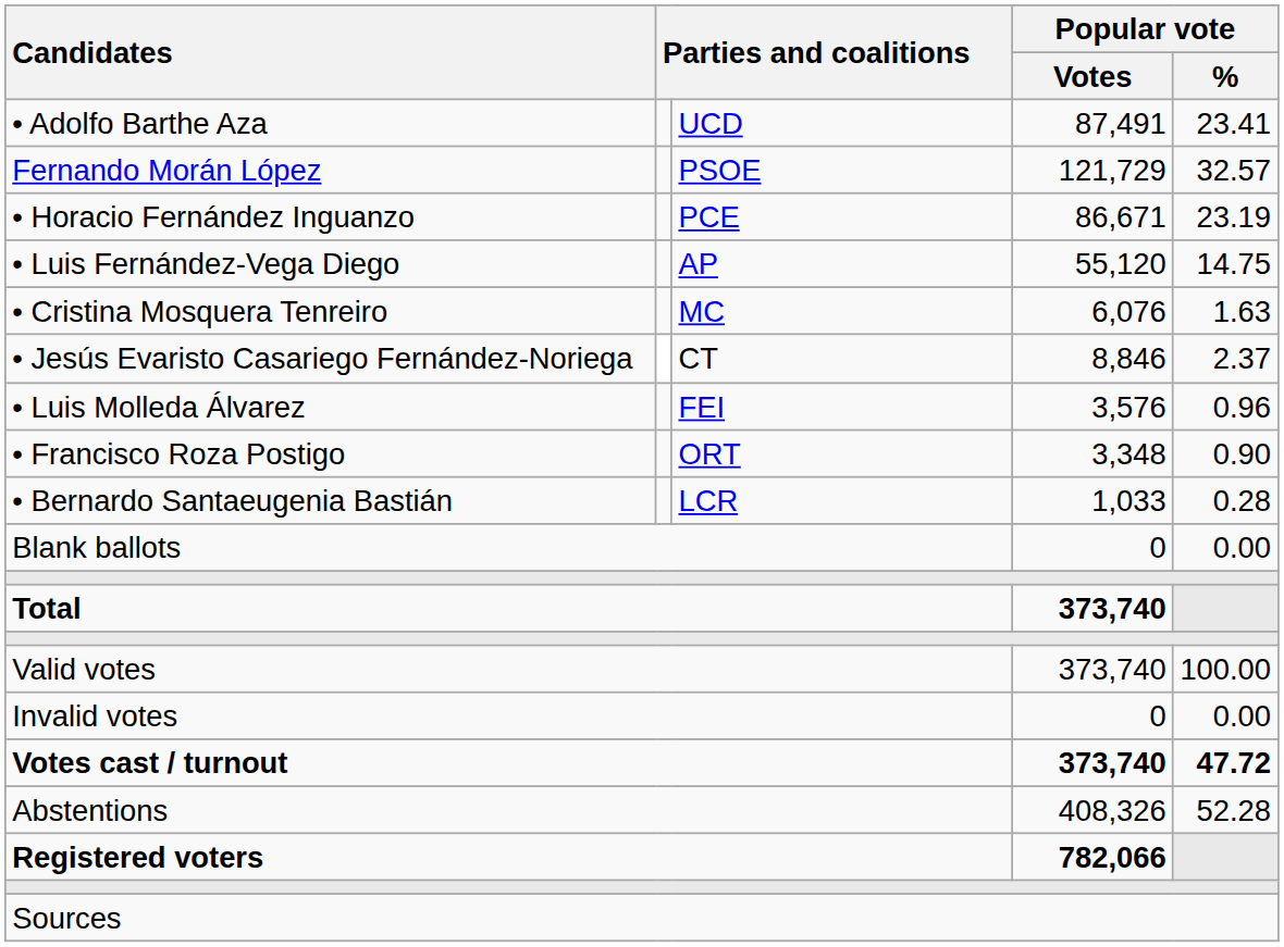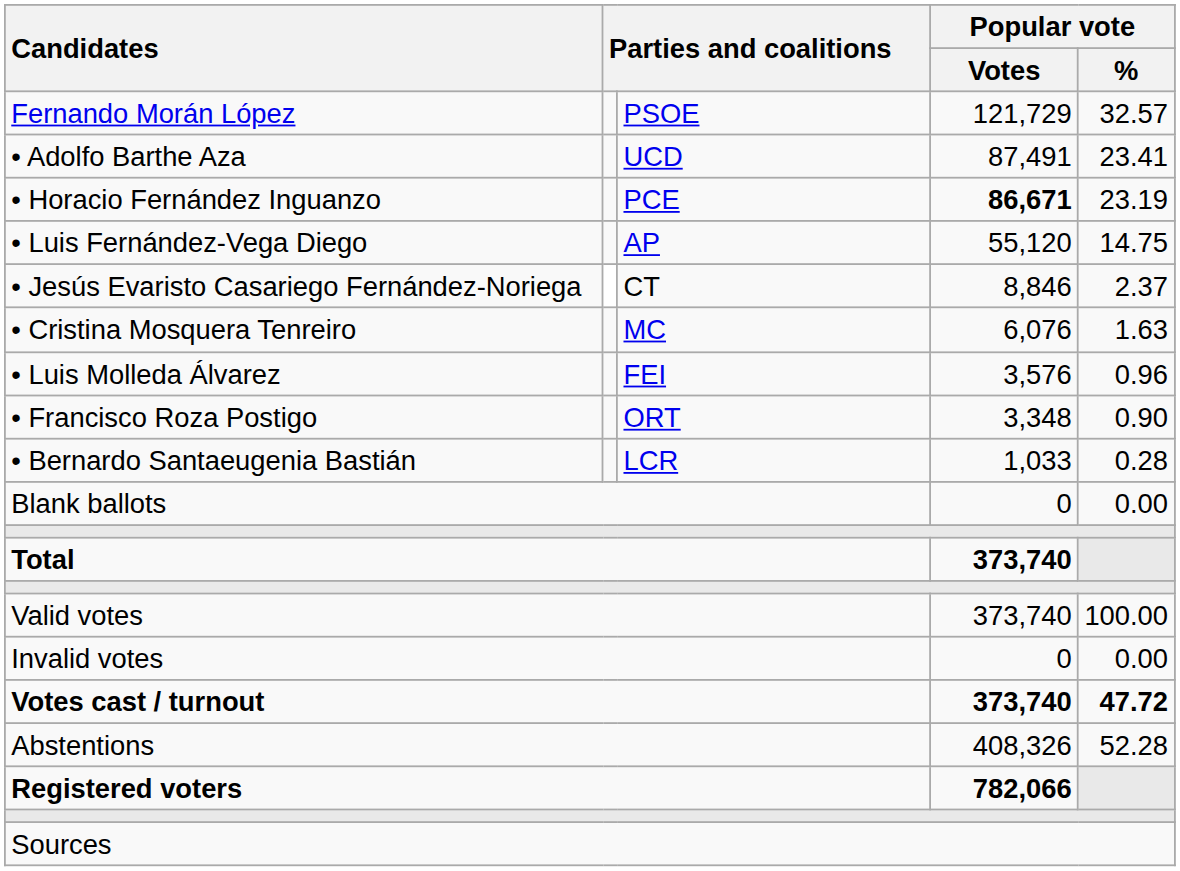 <table class="wikitable" style="text-align:right; font-size:95%;">
 <tr>
 <th style="text-align:left;" rowspan="2" width="325">Candidates</th>
 <th style="text-align:left;" rowspan="2" colspan="2" width="175">Parties and coalitions</th>
 <th colspan="2">Popular vote</th>
 </tr>
 <tr>
 <th width="75">Votes</th>
 <th width="45">%</th>
 </tr>
 <tr>
+<td align="left"> <a href='#'>Fernando Morán López</a></td>
+<td width="1" style="color:inherit;background:"></td>
+<td align="left"><a href='#'>PSOE</a></td>
+<td>121,729</td>
+<td>32.57</td>
+</tr>
+<tr>
 <td align="left">• Adolfo Barthe Aza</td>
 <td style="color:inherit;background:"></td>
 <td align="left"><a href='#'>UCD</a></td>
 <td>87,491</td>
 <td>23.41</td>
 </tr>
 <tr>
-<td align="left"> <a href='#'>Fernando Morán López</a></td>
-<td width="1" style="color:inherit;background:"></td>
-<td align="left"><a href='#'>PSOE</a></td>
-<td>121,729</td>
-<td>32.57</td>
-</tr>
-<tr>
 <td align="left">• Horacio Fernández Inguanzo</td>
 <td style="color:inherit;background:"></td>
 <td align="left"><a href='#'>PCE</a></td>
-<td>86,671</td>
+<td><strong>86,671</strong></td>
 <td>23.19</td>
 </tr>
 <tr>
 <td align="left">• Luis Fernández-Vega Diego</td>
 <td style="color:inherit;background:"></td>
 <td align="left"><a href='#'>AP</a></td>
 <td>55,120</td>
 <td>14.75</td>
 </tr>
 <tr>
+<td align="left">• Jesús Evaristo Casariego Fernández-Noriega</td>
+<td bgcolor="white"></td>
+<td align="left">CT</td>
+<td>8,846</td>
+<td>2.37</td>
+</tr>
+<tr>
 <td align="left">• Cristina Mosquera Tenreiro</td>
 <td style="color:inherit;background:"></td>
 <td align="left"><a href='#'>MC</a></td>
 <td>6,076</td>
 <td>1.63</td>
-</tr>
-<tr>
-<td align="left">• Jesús Evaristo Casariego Fernández-Noriega</td>
-<td bgcolor="white"></td>
-<td align="left">CT</td>
-<td>8,846</td>
-<td>2.37</td>
 </tr>
 <tr>
 <td align="left">• Luis Molleda Álvarez</td>
 <td style="color:inherit;background:"></td>
 <td align="left"><a href='#'>FEI</a></td>
 <td>3,576</td>
 <td>0.96</td>
 </tr>
 <tr>
 <td align="left">• Francisco Roza Postigo</td>
 <td style="color:inherit;background:"></td>
 <td align="left"><a href='#'>ORT</a></td>
 <td>3,348</td>
 <td>0.90</td>
 </tr>
 <tr>
 <td align="left">• Bernardo Santaeugenia Bastián</td>
 <td style="color:inherit;background:"></td>
 <td align="left"><a href='#'>LCR</a></td>
 <td>1,033</td>
 <td>0.28</td>
 </tr>
 <tr>
 <td align="left" colspan="3">Blank ballots</td>
 <td>0</td>
 <td>0.00</td>
 </tr>
 <tr>
 <td colspan="5" bgcolor="#E9E9E9"></td>
 </tr>
 <tr style="font-weight:bold;">
 <td align="left" colspan="3">Total</td>
 <td>373,740</td>
 <td bgcolor="#E9E9E9"></td>
 </tr>
 <tr>
 <td colspan="5" bgcolor="#E9E9E9"></td>
 </tr>
 <tr>
 <td align="left" colspan="3">Valid votes</td>
 <td>373,740</td>
 <td>100.00</td>
 </tr>
 <tr>
 <td align="left" colspan="3">Invalid votes</td>
 <td>0</td>
 <td>0.00</td>
 </tr>
 <tr style="font-weight:bold;">
 <td align="left" colspan="3">Votes cast / turnout</td>
 <td>373,740</td>
 <td>47.72</td>
 </tr>
 <tr>
 <td align="left" colspan="3">Abstentions</td>
 <td>408,326</td>
 <td>52.28</td>
 </tr>
 <tr style="font-weight:bold;">
 <td align="left" colspan="3">Registered voters</td>
 <td>782,066</td>
 <td bgcolor="#E9E9E9"></td>
 </tr>
 <tr>
 <td colspan="5" bgcolor="#E9E9E9"></td>
 </tr>
 <tr>
 <td align="left" colspan="5">Sources</td>
 </tr>
 </table>
